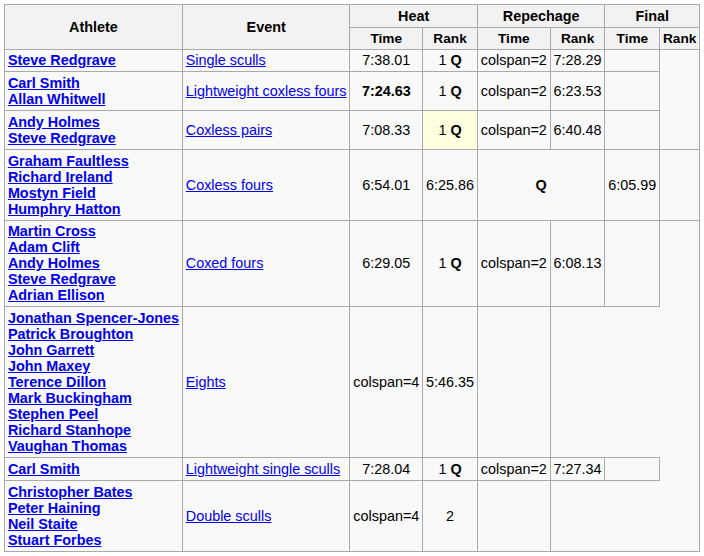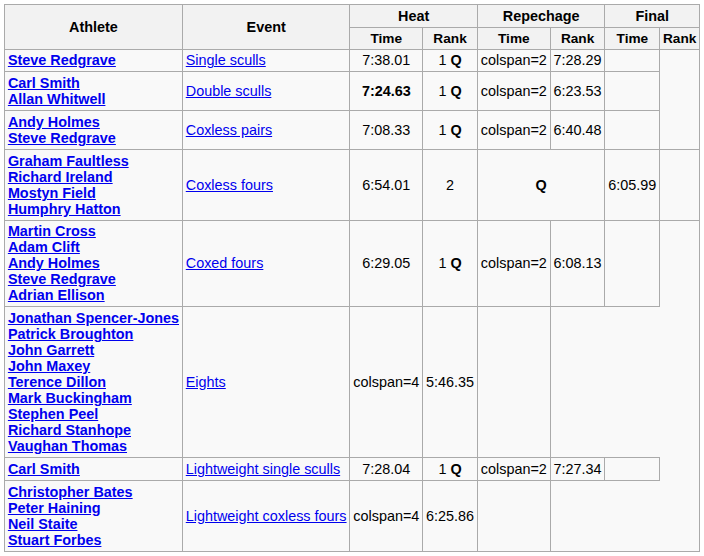 <table class="wikitable" style="font-size:90%">
 <tr>
 <th rowspan="2">Athlete</th>
 <th rowspan="2">Event</th>
 <th colspan="2">Heat</th>
 <th colspan="2">Repechage</th>
 <th colspan="2">Final</th>
 </tr>
 <tr style="font-size:95%">
 <th>Time</th>
 <th>Rank</th>
 <th>Time</th>
 <th>Rank</th>
 <th>Time</th>
 <th>Rank</th>
 </tr>
 <tr align=center>
 <td align=left><strong><a href='#'>Steve Redgrave</a></strong></td>
 <td align=left><a href='#'>Single sculls</a></td>
 <td>7:38.01</td>
 <td>1 <strong>Q</strong></td>
 <td>colspan=2 </td>
 <td>7:28.29</td>
 <td></td>
 </tr>
 <tr align=center>
 <td align=left><strong><a href='#'>Carl Smith</a></strong><br><strong><a href='#'>Allan Whitwell</a></strong></td>
-<td align=left><a href='#'>Lightweight coxless fours</a></td>
+<td align=left><a href='#'>Double sculls</a></td>
 <td><strong>7:24.63</strong></td>
 <td>1 <strong>Q</strong></td>
 <td>colspan=2 </td>
 <td>6:23.53</td>
 <td></td>
 </tr>
 <tr align=center>
 <td align=left><strong><a href='#'>Andy Holmes</a></strong><br><strong><a href='#'>Steve Redgrave</a></strong></td>
 <td align=left><a href='#'>Coxless pairs</a></td>
 <td>7:08.33</td>
-<td style="background: lightyellow;">1 <strong>Q</strong></td>
+<td>1 <strong>Q</strong></td>
 <td>colspan=2 </td>
 <td>6:40.48</td>
 <td></td>
 </tr>
 <tr align=center>
 <td align=left><strong><a href='#'>Graham Faultless</a></strong><br><strong><a href='#'>Richard Ireland</a></strong><br><strong><a href='#'>Mostyn Field</a></strong><br><strong><a href='#'>Humphry Hatton</a></strong></td>
 <td align=left><a href='#'>Coxless fours</a></td>
 <td>6:54.01</td>
-<td>6:25.86</td>
+<td>2</td>
 <td colspan=2><strong>Q</strong></td>
 <td>6:05.99</td>
 <td></td>
 </tr>
 <tr align=center>
 <td align=left><strong><a href='#'>Martin Cross</a></strong><br><strong><a href='#'>Adam Clift</a></strong><br><strong><a href='#'>Andy Holmes</a></strong><br><strong><a href='#'>Steve Redgrave</a></strong><br><strong><a href='#'>Adrian Ellison</a></strong></td>
 <td align=left><a href='#'>Coxed fours</a></td>
 <td>6:29.05</td>
 <td>1 <strong>Q</strong></td>
 <td>colspan=2 </td>
 <td>6:08.13</td>
 <td></td>
 </tr>
 <tr align=center>
 <td align=left><strong><a href='#'>Jonathan Spencer-Jones</a></strong><br><strong><a href='#'>Patrick Broughton</a></strong><br><strong><a href='#'>John Garrett</a></strong><br><strong><a href='#'>John Maxey</a></strong><br><strong><a href='#'>Terence Dillon</a></strong><br><strong><a href='#'>Mark Buckingham</a></strong><br><strong><a href='#'>Stephen Peel</a></strong><br><strong><a href='#'>Richard Stanhope</a></strong><br><strong><a href='#'>Vaughan Thomas</a></strong></td>
 <td align=left><a href='#'>Eights</a></td>
 <td>colspan=4 </td>
 <td>5:46.35</td>
 <td></td>
 </tr>
 <tr align=center>
 <td align=left><strong><a href='#'>Carl Smith</a></strong></td>
 <td align=left><a href='#'>Lightweight single sculls</a></td>
 <td>7:28.04</td>
 <td>1 <strong>Q</strong></td>
 <td>colspan=2 </td>
 <td>7:27.34</td>
 <td></td>
 </tr>
 <tr align=center>
 <td align=left><strong><a href='#'>Christopher Bates</a></strong><br><strong><a href='#'>Peter Haining</a></strong><br><strong><a href='#'>Neil Staite</a></strong><br><strong><a href='#'>Stuart Forbes</a></strong></td>
-<td align=left><a href='#'>Double sculls</a></td>
+<td align=left><a href='#'>Lightweight coxless fours</a></td>
 <td>colspan=4 </td>
-<td>2</td>
+<td>6:25.86</td>
 <td></td>
 </tr>
 </table>
